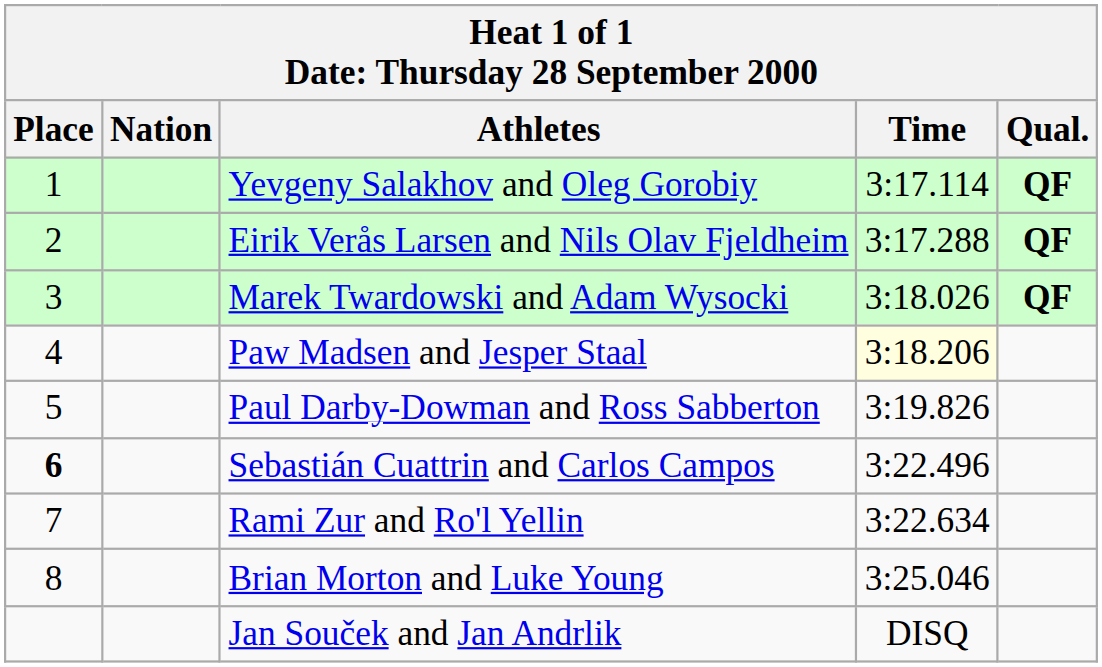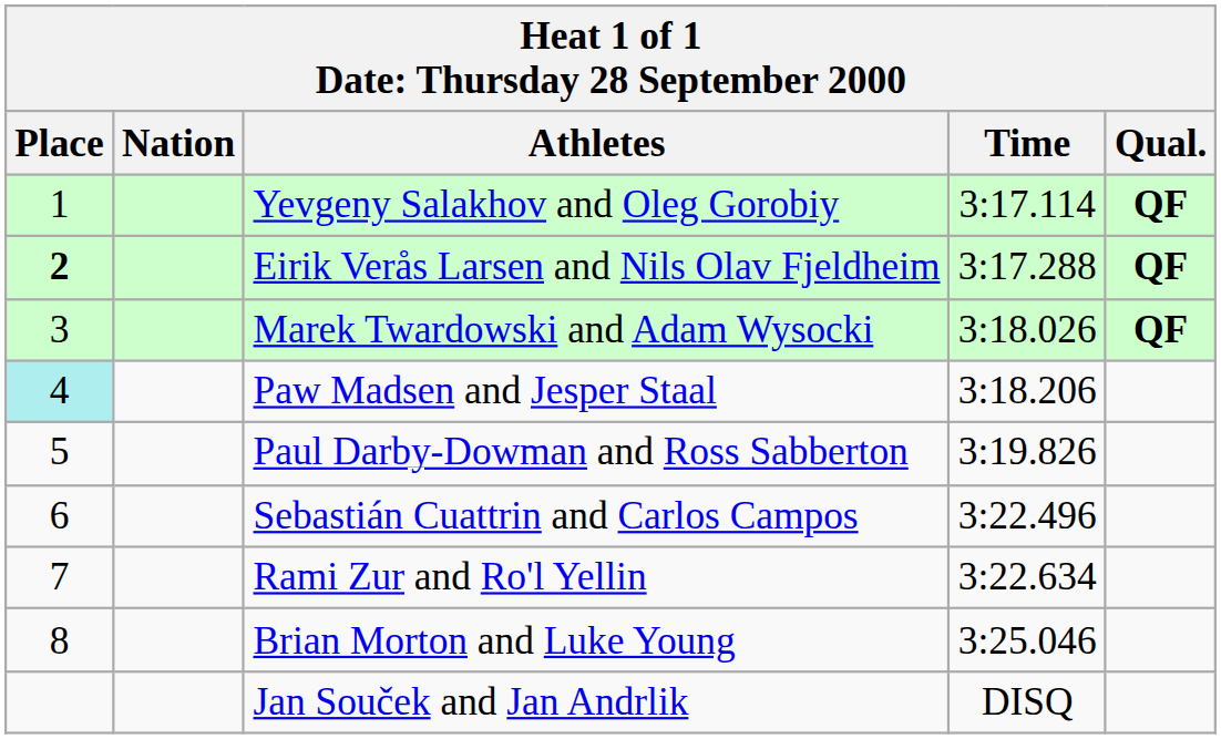 <table class="wikitable sortable">
 <tr>
 <th colspan=5>Heat 1 of 1 <br> Date: Thursday 28 September 2000</th>
 </tr>
 <tr>
 <th rowspan=1>Place</th>
 <th rowspan=1>Nation</th>
 <th rowspan=1>Athletes</th>
 <th rowspan=1>Time</th>
 <th rowspan=1>Qual.</th>
 </tr>
 <tr bgcolor="ccffcc">
 <td align="center">1</td>
 <td align="left"></td>
 <td align="left"><a href='#'>Yevgeny Salakhov</a> and <a href='#'>Oleg Gorobiy</a></td>
 <td align="center">3:17.114</td>
 <td align="center"><strong>QF</strong></td>
 </tr>
 <tr bgcolor="ccffcc">
-<td align="center">2</td>
+<td align="center"><strong>2</strong></td>
 <td align="left"></td>
 <td align="left"><a href='#'>Eirik Verås Larsen</a> and <a href='#'>Nils Olav Fjeldheim</a></td>
 <td align="center">3:17.288</td>
 <td align="center"><strong>QF</strong></td>
 </tr>
 <tr bgcolor="ccffcc">
 <td align="center">3</td>
 <td align="left"></td>
 <td align="left"><a href='#'>Marek Twardowski</a> and <a href='#'>Adam Wysocki</a></td>
 <td align="center">3:18.026</td>
 <td align="center"><strong>QF</strong></td>
 </tr>
 <tr>
-<td align="center">4</td>
+<td align="center" style="background: paleturquoise;">4</td>
 <td align="left"></td>
 <td align="left"><a href='#'>Paw Madsen</a> and <a href='#'>Jesper Staal</a></td>
-<td align="center" style="background: lightyellow;">3:18.206</td>
+<td align="center">3:18.206</td>
 <td align="center"></td>
 </tr>
 <tr>
 <td align="center">5</td>
 <td align="left"></td>
 <td align="left"><a href='#'>Paul Darby-Dowman</a> and <a href='#'>Ross Sabberton</a></td>
 <td align="center">3:19.826</td>
 <td align="center"></td>
 </tr>
 <tr>
-<td align="center"><strong>6</strong></td>
+<td align="center">6</td>
 <td align="left"></td>
 <td align="left"><a href='#'>Sebastián Cuattrin</a> and <a href='#'>Carlos Campos</a></td>
 <td align="center">3:22.496</td>
 <td align="center"></td>
 </tr>
 <tr>
 <td align="center">7</td>
 <td align="left"></td>
 <td align="left"><a href='#'>Rami Zur</a> and <a href='#'>Ro'l Yellin</a></td>
 <td align="center">3:22.634</td>
 <td align="center"></td>
 </tr>
 <tr>
 <td align="center">8</td>
 <td align="left"></td>
 <td align="left"><a href='#'>Brian Morton</a> and <a href='#'>Luke Young</a></td>
 <td align="center">3:25.046</td>
 <td align="center"></td>
 </tr>
 <tr>
 <td align="center"></td>
 <td align="left"></td>
 <td align="left"><a href='#'>Jan Souček</a> and <a href='#'>Jan Andrlik</a></td>
 <td align="center">DISQ</td>
 <td align="center"></td>
 </tr>
 </table>
